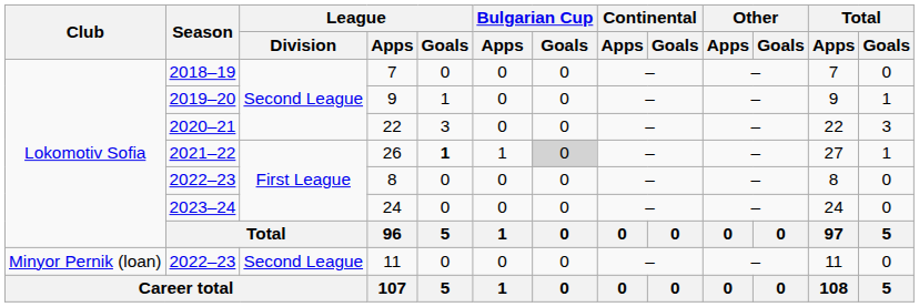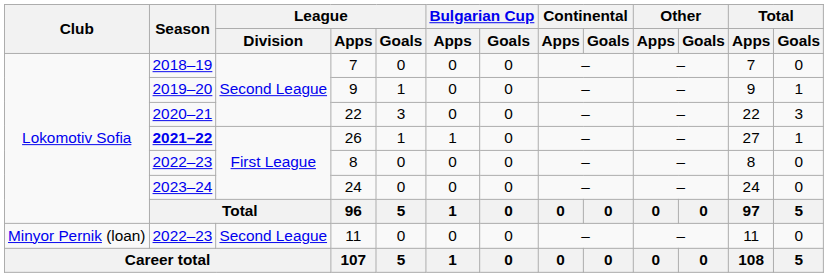 <table class="wikitable" style="text-align:center">
 <tr>
 <th rowspan="2">Club</th>
 <th rowspan="2">Season</th>
 <th colspan="3">League</th>
 <th colspan="2"><a href='#'>Bulgarian Cup</a></th>
 <th colspan="2">Continental</th>
 <th colspan="2">Other</th>
 <th colspan="2">Total</th>
 </tr>
 <tr>
 <th>Division</th>
 <th>Apps</th>
 <th>Goals</th>
 <th>Apps</th>
 <th>Goals</th>
 <th>Apps</th>
 <th>Goals</th>
 <th>Apps</th>
 <th>Goals</th>
 <th>Apps</th>
 <th>Goals</th>
 </tr>
 <tr>
 <td rowspan="7"><a href='#'>Lokomotiv Sofia</a></td>
 <td><a href='#'>2018–19</a></td>
 <td rowspan="3"><a href='#'>Second League</a></td>
 <td>7</td>
 <td>0</td>
 <td>0</td>
 <td>0</td>
 <td colspan="2">–</td>
 <td colspan="2">–</td>
 <td>7</td>
 <td>0</td>
 </tr>
 <tr>
 <td><a href='#'>2019–20</a></td>
 <td>9</td>
 <td>1</td>
 <td>0</td>
 <td>0</td>
 <td colspan="2">–</td>
 <td colspan="2">–</td>
 <td>9</td>
 <td>1</td>
 </tr>
 <tr>
 <td><a href='#'>2020–21</a></td>
 <td>22</td>
 <td>3</td>
 <td>0</td>
 <td>0</td>
 <td colspan="2">–</td>
 <td colspan="2">–</td>
 <td>22</td>
 <td>3</td>
 </tr>
 <tr>
-<td><a href='#'>2021–22</a></td>
+<td><strong><a href='#'>2021–22</a></strong></td>
 <td rowspan="3"><a href='#'>First League</a></td>
 <td>26</td>
-<td><strong>1</strong></td>
 <td>1</td>
-<td style="background: lightgrey;">0</td>
+<td>1</td>
+<td>0</td>
 <td colspan="2">–</td>
 <td colspan="2">–</td>
 <td>27</td>
 <td>1</td>
 </tr>
 <tr>
 <td><a href='#'>2022–23</a></td>
 <td>8</td>
 <td>0</td>
 <td>0</td>
 <td>0</td>
 <td colspan="2">–</td>
 <td colspan="2">–</td>
 <td>8</td>
 <td>0</td>
 </tr>
 <tr>
 <td><a href='#'>2023–24</a></td>
 <td>24</td>
 <td>0</td>
 <td>0</td>
 <td>0</td>
 <td colspan="2">–</td>
 <td colspan="2">–</td>
 <td>24</td>
 <td>0</td>
 </tr>
 <tr>
 <th colspan="2">Total</th>
 <th>96</th>
 <th>5</th>
 <th>1</th>
 <th>0</th>
 <th>0</th>
 <th>0</th>
 <th>0</th>
 <th>0</th>
 <th>97</th>
 <th>5</th>
 </tr>
 <tr>
 <td rowspan="1"><a href='#'>Minyor Pernik</a> (loan)</td>
 <td><a href='#'>2022–23</a></td>
 <td rowspan="1"><a href='#'>Second League</a></td>
 <td>11</td>
 <td>0</td>
 <td>0</td>
 <td>0</td>
 <td colspan="2">–</td>
 <td colspan="2">–</td>
 <td>11</td>
 <td>0</td>
 </tr>
 <tr>
 <th colspan="3">Career total</th>
 <th>107</th>
 <th>5</th>
 <th>1</th>
 <th>0</th>
 <th>0</th>
 <th>0</th>
 <th>0</th>
 <th>0</th>
 <th>108</th>
 <th>5</th>
 </tr>
 </table>
